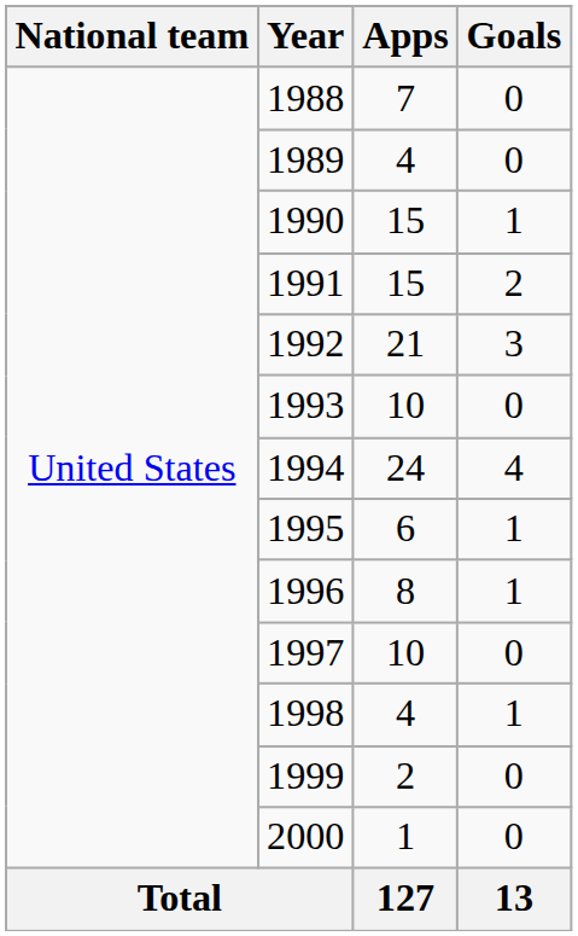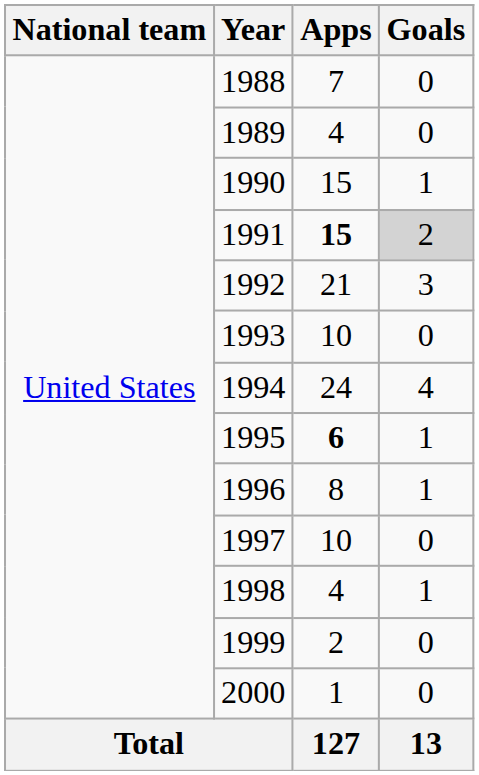 <table class="wikitable" style="text-align:center">
 <tr>
 <th>National team</th>
 <th>Year</th>
 <th>Apps</th>
 <th>Goals</th>
 </tr>
 <tr>
 <td rowspan="13"><a href='#'>United States</a></td>
 <td>1988</td>
 <td>7</td>
 <td>0</td>
 </tr>
 <tr>
 <td>1989</td>
 <td>4</td>
 <td>0</td>
 </tr>
 <tr>
 <td>1990</td>
 <td>15</td>
 <td>1</td>
 </tr>
 <tr>
 <td>1991</td>
-<td>15</td>
-<td>2</td>
+<td><strong>15</strong></td>
+<td style="background: lightgrey;">2</td>
 </tr>
 <tr>
 <td>1992</td>
 <td>21</td>
 <td>3</td>
 </tr>
 <tr>
 <td>1993</td>
 <td>10</td>
 <td>0</td>
 </tr>
 <tr>
 <td>1994</td>
 <td>24</td>
 <td>4</td>
 </tr>
 <tr>
 <td>1995</td>
-<td>6</td>
+<td><strong>6</strong></td>
 <td>1</td>
 </tr>
 <tr>
 <td>1996</td>
 <td>8</td>
 <td>1</td>
 </tr>
 <tr>
 <td>1997</td>
 <td>10</td>
 <td>0</td>
 </tr>
 <tr>
 <td>1998</td>
 <td>4</td>
 <td>1</td>
 </tr>
 <tr>
 <td>1999</td>
 <td>2</td>
 <td>0</td>
 </tr>
 <tr>
 <td>2000</td>
 <td>1</td>
 <td>0</td>
 </tr>
 <tr>
 <th colspan="2">Total</th>
 <th>127</th>
 <th>13</th>
 </tr>
 </table>
